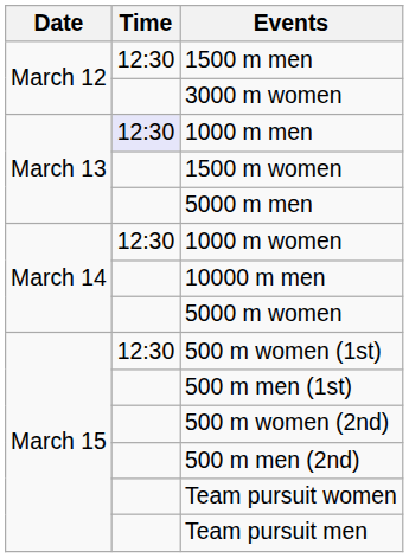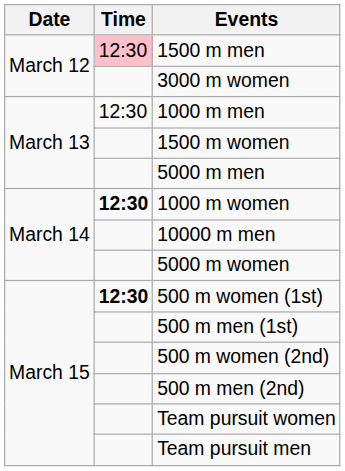 <table class="wikitable" border="1">
 <tr>
 <th>Date</th>
 <th>Time</th>
 <th>Events</th>
 </tr>
 <tr>
 <td rowspan=2>March 12</td>
-<td>12:30</td>
+<td style="background: pink;">12:30</td>
 <td>1500 m men</td>
 </tr>
 <tr>
 <td></td>
 <td>3000 m women</td>
 </tr>
 <tr>
 <td rowspan=3>March 13</td>
-<td style="background: lavender;">12:30</td>
+<td>12:30</td>
 <td>1000 m men</td>
 </tr>
 <tr>
 <td></td>
 <td>1500 m women</td>
 </tr>
 <tr>
 <td></td>
 <td>5000 m men</td>
 </tr>
 <tr>
 <td rowspan=3>March 14</td>
-<td>12:30</td>
+<td><strong>12:30</strong></td>
 <td>1000 m women</td>
 </tr>
 <tr>
 <td></td>
 <td>10000 m men</td>
 </tr>
 <tr>
 <td></td>
 <td>5000 m women</td>
 </tr>
 <tr>
 <td rowspan=6>March 15</td>
-<td>12:30</td>
+<td><strong>12:30</strong></td>
 <td>500 m women (1st)</td>
 </tr>
 <tr>
 <td></td>
 <td>500 m men (1st)</td>
 </tr>
 <tr>
 <td></td>
 <td>500 m women (2nd)</td>
 </tr>
 <tr>
 <td></td>
 <td>500 m men (2nd)</td>
 </tr>
 <tr>
 <td></td>
 <td>Team pursuit women</td>
 </tr>
 <tr>
 <td></td>
 <td>Team pursuit men</td>
 </tr>
 </table>
